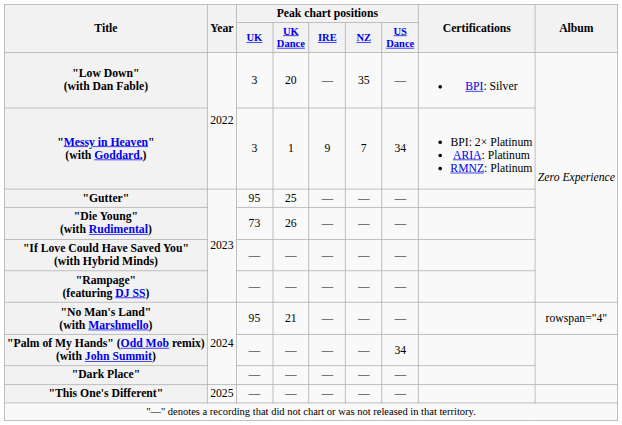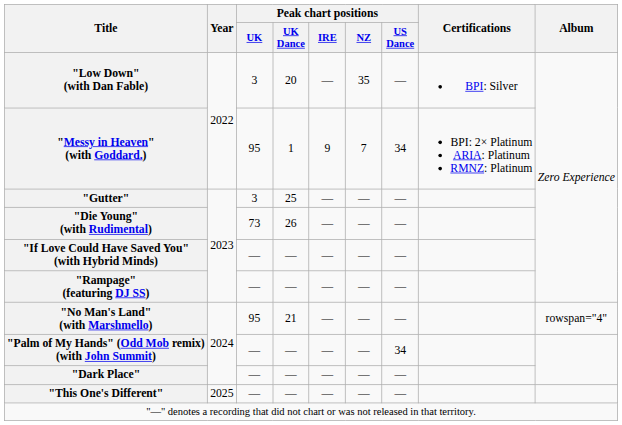 <table class="wikitable plainrowheaders" style="text-align:center;">
 <tr>
 <th scope="col" rowspan="2">Title</th>
 <th scope="col" rowspan="2">Year</th>
 <th scope="col" colspan="5">Peak chart positions</th>
 <th scope="col" rowspan="2">Certifications</th>
 <th scope="col" rowspan="2">Album</th>
 </tr>
 <tr>
 <th scope="col" style="width:3em;font-size:90%;"><a href='#'>UK</a><br></th>
 <th scope="col" style="width:3em;font-size:90%;"><a href='#'>UK<br>Dance</a><br></th>
 <th scope="col" style="width:3em;font-size:90%;"><a href='#'>IRE</a><br></th>
 <th scope="col" style="width:3em;font-size:90%;"><a href='#'>NZ</a><br></th>
 <th scope="col" style="width:3em;font-size:90%;"><a href='#'>US<br>Dance</a><br></th>
 </tr>
 <tr>
 <th scope="row">"Low Down"<br><span>(with Dan Fable)</span></th>
 <td rowspan="2">2022</td>
 <td>3</td>
 <td>20</td>
 <td>—</td>
 <td>35</td>
 <td>—</td>
 <td><br><ul><li><a href='#'>BPI</a>: Silver</li></ul></td>
 <td rowspan="6"><em>Zero Experience</em></td>
 </tr>
 <tr>
 <th scope="row">"<a href='#'>Messy in Heaven</a>"<br><span>(with <a href='#'>Goddard.</a>)</span></th>
-<td>3</td>
+<td>95</td>
 <td>1</td>
 <td>9</td>
 <td>7</td>
 <td>34</td>
 <td><br><ul><li>BPI: 2× Platinum</li><li><a href='#'>ARIA</a>: Platinum</li><li><a href='#'>RMNZ</a>: Platinum</li></ul></td>
 </tr>
 <tr>
 <th scope="row">"Gutter"</th>
 <td rowspan="4">2023</td>
-<td>95</td>
+<td>3</td>
 <td>25</td>
 <td>—</td>
 <td>—</td>
 <td>—</td>
 <td></td>
 </tr>
 <tr>
 <th scope="row">"Die Young"<br><span>(with <a href='#'>Rudimental</a>)</span></th>
 <td>73</td>
 <td>26</td>
 <td>—</td>
 <td>—</td>
 <td>—</td>
 <td></td>
 </tr>
 <tr>
 <th scope="row">"If Love Could Have Saved You"<br><span>(with Hybrid Minds)</span></th>
 <td>—</td>
 <td>—</td>
 <td>—</td>
 <td>—</td>
 <td>—</td>
 <td></td>
 </tr>
 <tr>
 <th scope="row">"Rampage"<br><span>(featuring <a href='#'>DJ SS</a>)</span></th>
 <td>—</td>
 <td>—</td>
 <td>—</td>
 <td>—</td>
 <td>—</td>
 <td></td>
 </tr>
 <tr>
 <th scope="row">"No Man's Land"<br><span>(with <a href='#'>Marshmello</a>)</span></th>
 <td rowspan="3">2024</td>
 <td>95</td>
 <td>21</td>
 <td>—</td>
 <td>—</td>
 <td>—</td>
 <td></td>
 <td>rowspan="4" </td>
 </tr>
 <tr>
 <th scope="row">"Palm of My Hands" (<a href='#'>Odd Mob</a> remix)<br><span>(with <a href='#'>John Summit</a>)</span></th>
 <td>—</td>
 <td>—</td>
 <td>—</td>
 <td>—</td>
 <td>34</td>
 <td></td>
 </tr>
 <tr>
 <th scope="row">"Dark Place"</th>
 <td>—</td>
 <td>—</td>
 <td>—</td>
 <td>—</td>
 <td>—</td>
 <td></td>
 </tr>
 <tr>
 <th scope="row">"This One's Different"</th>
 <td>2025</td>
 <td>—</td>
 <td>—</td>
 <td>—</td>
 <td>—</td>
 <td>—</td>
 <td></td>
 <td></td>
 </tr>
 <tr>
 <td colspan="9" style="font-size:90%">"—" denotes a recording that did not chart or was not released in that territory.</td>
 </tr>
 </table>
